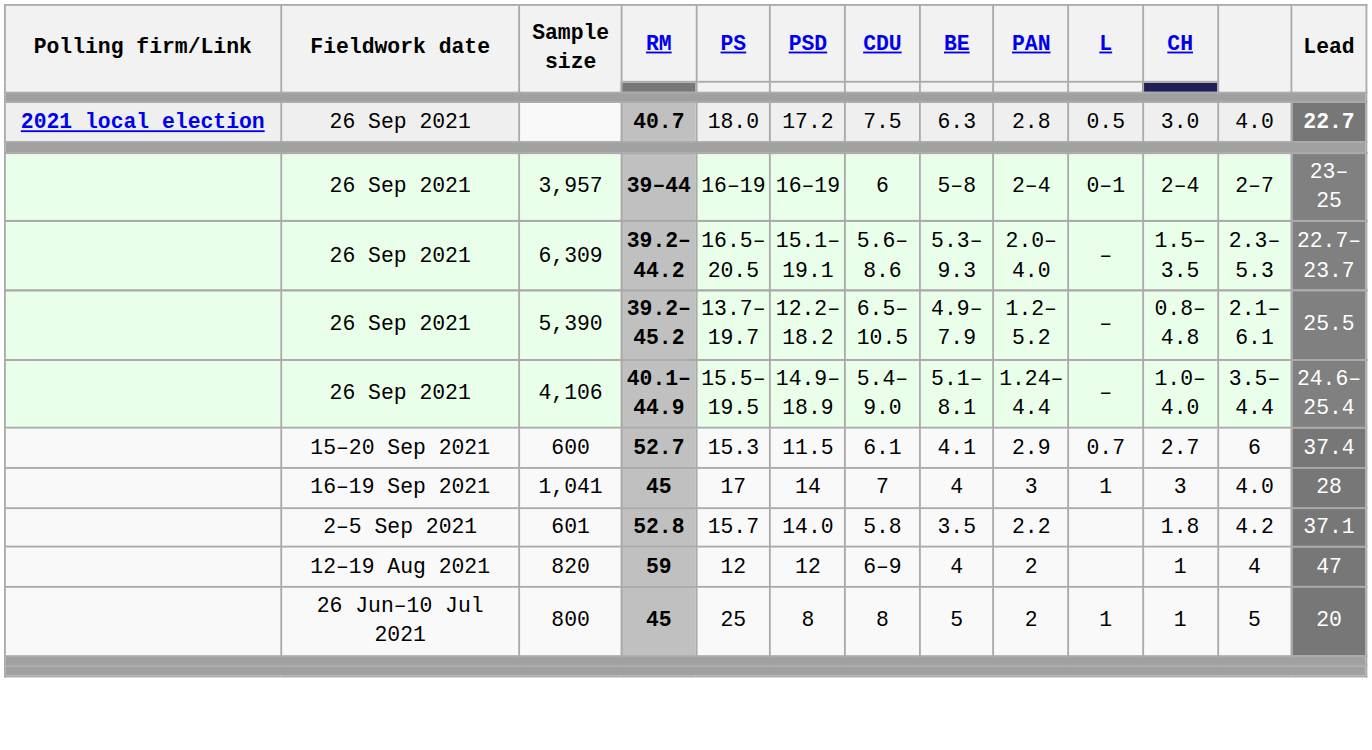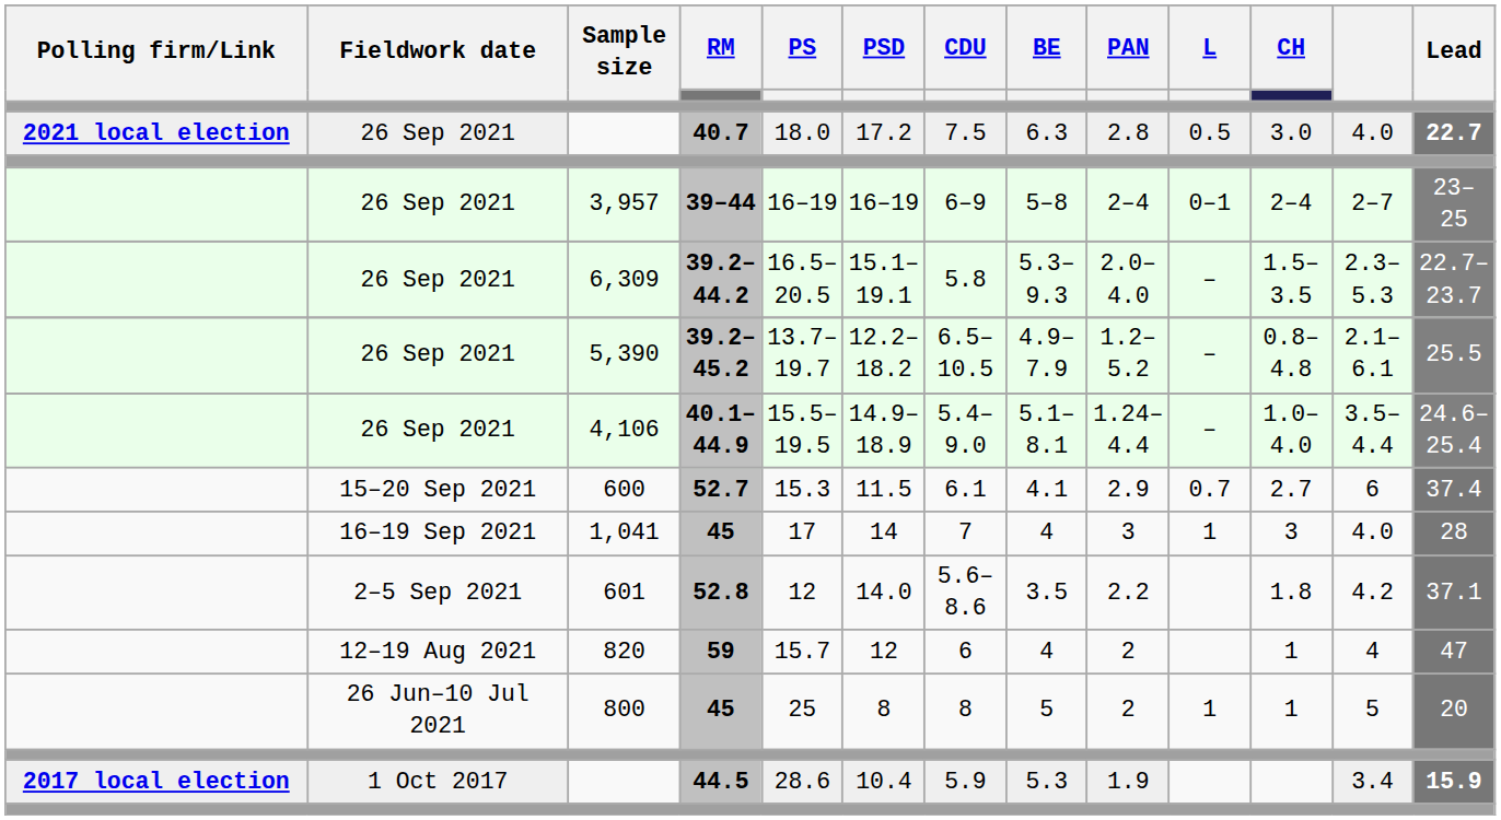 <table class="wikitable sortable mw-datatable" style="text-align:center;font-size:90%;line-height:16px;">
 <tr style="height:42px;">
 <th style="width:145px;" rowspan="2">Polling firm/Link</th>
 <th style="width:125px;" rowspan="2">Fieldwork date</th>
 <th class="unsortable" style="width:50px;" rowspan="2">Sample size</th>
 <th class="unsortable" style="width:35px;"><a href='#'>RM</a></th>
 <th class="unsortable" style="width:35px;"><a href='#'>PS</a></th>
 <th class="unsortable" style="width:35px;"><a href='#'>PSD</a></th>
 <th class="unsortable" style="width:35px;"><a href='#'>CDU</a></th>
 <th class="unsortable" style="width:35px;"><a href='#'>BE</a></th>
 <th class="unsortable" style="width:35px;"><a href='#'>PAN</a></th>
 <th class="unsortable" style="width:35px;"><a href='#'>L</a></th>
 <th class="unsortable" style="width:35px;"><a href='#'>CH</a></th>
 <th class="unsortable" style="width:35px;" rowspan="2"></th>
 <th class="unsortable" style="width:30px;" rowspan="2">Lead</th>
 </tr>
 <tr>
 <th class="unsortable" style="color:inherit;background:#777777;"></th>
 <th class="unsortable" style="color:inherit;background:"></th>
 <th class="unsortable" style="color:inherit;background:"></th>
 <th class="unsortable" style="color:inherit;background:"></th>
 <th class="unsortable" style="color:inherit;background:"></th>
 <th class="unsortable" style="color:inherit;background:"></th>
 <th class="unsortable" style="color:inherit;background:"></th>
 <th class="unsortable" style="color:inherit;background:#202056;"></th>
 </tr>
 <tr>
 <td colspan="13" style="background:#A0A0A0"></td>
 </tr>
 <tr>
 <td style="background:#EFEFEF;"><strong><a href='#'>2021 local election</a></strong></td>
 <td style="background:#EFEFEF;" data-sort-value="2019-10-06">26 Sep 2021</td>
 <td></td>
 <td style="background:#C0C0C0"><strong>40.7</strong><br></td>
 <td style="background:#EFEFEF;">18.0<br></td>
 <td style="background:#EFEFEF;">17.2<br></td>
 <td style="background:#EFEFEF;">7.5<br></td>
 <td style="background:#EFEFEF;">6.3<br></td>
 <td style="background:#EFEFEF;">2.8<br></td>
 <td style="background:#EFEFEF;">0.5<br></td>
 <td style="background:#EFEFEF;">3.0<br></td>
 <td style="background:#EFEFEF;">4.0<br></td>
 <td style="background:#777777; color:white;"><strong>22.7</strong></td>
 </tr>
 <tr>
 <td colspan="13" style="background:#A0A0A0"></td>
 </tr>
 <tr>
 </tr>
 <tr style="background:#EAFFEA"|>
 <td></td>
 <td data-sort-value="2019-10-06">26 Sep 2021</td>
 <td>3,957</td>
 <td style="background:#C0C0C0"><strong>39–44</strong><br></td>
 <td>16–19<br></td>
 <td>16–19<br></td>
-<td align="center">6</td>
+<td>6–9<br></td>
 <td>5–8<br></td>
 <td>2–4<br></td>
 <td>0–1<br></td>
 <td>2–4<br></td>
 <td>2–7<br></td>
 <td style="background:gray; color:white;">23–<br>25</td>
 </tr>
 <tr>
 </tr>
 <tr style="background:#EAFFEA"|>
 <td></td>
 <td data-sort-value="2019-10-06">26 Sep 2021</td>
 <td>6,309</td>
 <td style="background:#C0C0C0"><strong>39.2–<br>44.2</strong><br></td>
 <td>16.5–<br>20.5<br></td>
 <td>15.1–<br>19.1<br></td>
-<td>5.6–<br>8.6<br></td>
+<td align="center">5.8</td>
 <td>5.3–<br>9.3<br></td>
 <td>2.0–<br>4.0<br></td>
 <td>–</td>
 <td>1.5–<br>3.5<br></td>
 <td>2.3–<br>5.3<br></td>
 <td style="background:gray; color:white;">22.7–<br>23.7</td>
 </tr>
 <tr>
 </tr>
 <tr style="background:#EAFFEA"|>
 <td></td>
 <td data-sort-value="2019-10-06">26 Sep 2021</td>
 <td>5,390</td>
 <td style="background:#C0C0C0"><strong>39.2–<br>45.2</strong><br></td>
 <td>13.7–<br>19.7<br></td>
 <td>12.2–<br>18.2<br></td>
 <td>6.5–<br>10.5<br></td>
 <td>4.9–<br>7.9<br></td>
 <td>1.2–<br>5.2<br></td>
 <td>–</td>
 <td>0.8–<br>4.8<br></td>
 <td>2.1–<br>6.1<br></td>
 <td style="background:gray; color:white;">25.5</td>
 </tr>
 <tr>
 </tr>
 <tr style="background:#EAFFEA"|>
 <td></td>
 <td data-sort-value="2019-10-06">26 Sep 2021</td>
 <td>4,106</td>
 <td style="background:#C0C0C0"><strong>40.1–<br>44.9</strong><br></td>
 <td>15.5–<br>19.5<br></td>
 <td>14.9–<br>18.9<br></td>
 <td>5.4–<br>9.0<br></td>
 <td>5.1–<br>8.1<br></td>
 <td>1.24–<br>4.4<br></td>
 <td>–</td>
 <td>1.0–<br>4.0<br></td>
 <td>3.5–<br>4.4<br></td>
 <td style="background:gray; color:white;">24.6–<br>25.4</td>
 </tr>
 <tr>
 <td align="center"><br></td>
 <td align="center">15–20 Sep 2021</td>
 <td>600</td>
 <td style="background:#C0C0C0"><strong>52.7</strong><br></td>
 <td align="center">15.3<br></td>
 <td align="center">11.5<br></td>
 <td align="center">6.1<br></td>
 <td align="center">4.1<br></td>
 <td align="center">2.9<br></td>
 <td align="center">0.7<br></td>
 <td align="center">2.7<br></td>
 <td align="center">6<br></td>
 <td style="background:#777777; color:white;">37.4</td>
 </tr>
 <tr>
 <td align="center"><br></td>
 <td align="center">16–19 Sep 2021</td>
 <td>1,041</td>
 <td style="background:#C0C0C0"><strong>45</strong><br></td>
 <td align="center">17<br></td>
 <td align="center">14<br></td>
 <td align="center">7<br></td>
 <td align="center">4<br></td>
 <td align="center">3<br></td>
 <td align="center">1<br></td>
 <td align="center">3<br></td>
 <td align="center">4.0<br></td>
 <td style="background:#777777; color:white;">28</td>
 </tr>
 <tr>
 <td align="center"></td>
 <td align="center">2–5 Sep 2021</td>
 <td>601</td>
 <td style="background:#C0C0C0"><strong>52.8</strong></td>
-<td align="center">15.7</td>
+<td align="center">12</td>
 <td align="center">14.0</td>
-<td align="center">5.8</td>
+<td>5.6–<br>8.6<br></td>
 <td align="center">3.5</td>
 <td align="center">2.2</td>
 <td></td>
 <td align="center">1.8</td>
 <td align="center">4.2</td>
 <td style="background:#777777; color:white;">37.1</td>
 </tr>
 <tr>
 <td align="center"></td>
 <td align="center">12–19 Aug 2021</td>
 <td>820</td>
 <td style="background:#C0C0C0"><strong>59</strong></td>
+<td align="center">15.7</td>
 <td align="center">12</td>
-<td align="center">12</td>
-<td>6–9<br></td>
+<td align="center">6</td>
 <td align="center">4</td>
 <td align="center">2</td>
 <td></td>
 <td align="center">1</td>
 <td align="center">4</td>
 <td style="background:#777777; color:white;">47</td>
 </tr>
 <tr>
 <td align="center"></td>
 <td align="center">26 Jun–10 Jul 2021</td>
 <td>800</td>
 <td style="background:#C0C0C0"><strong>45</strong></td>
 <td align="center">25</td>
 <td align="center">8</td>
 <td align="center">8</td>
 <td align="center">5</td>
 <td align="center">2</td>
 <td align="center">1</td>
 <td align="center">1</td>
 <td align="center">5</td>
 <td style="background:#777777; color:white;">20</td>
 </tr>
 <tr>
 <td colspan="13" style="background:#A0A0A0"></td>
 </tr>
 <tr>
+<td style="background:#EFEFEF;"><strong><a href='#'>2017 local election</a></strong></td>
+<td style="background:#EFEFEF;" data-sort-value="2019-10-06">1 Oct 2017</td>
+<td></td>
+<td style="background:#C0C0C0"><strong>44.5</strong><br></td>
+<td style="background:#EFEFEF;">28.6<br></td>
+<td style="background:#EFEFEF;">10.4<br></td>
+<td style="background:#EFEFEF;">5.9<br></td>
+<td style="background:#EFEFEF;">5.3<br></td>
+<td style="background:#EFEFEF;">1.9<br></td>
+<td></td>
+<td></td>
+<td style="background:#EFEFEF;">3.4<br></td>
+<td style="background:#777777; color:white;"><strong>15.9</strong></td>
+</tr>
+<tr>
 <td colspan="13" style="background:#A0A0A0"></td>
 </tr>
 </table>
